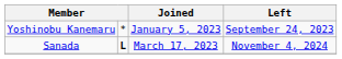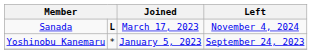 <table class="wikitable sortable" style="text-align:center;">
 <tr>
 <th colspan="2">Member</th>
 <th>Joined</th>
 <th>Left</th>
+</tr>
+<tr>
+<td><a href='#'>Sanada</a></td>
+<td><strong>L</strong></td>
+<td><a href='#'>March 17, 2023</a></td>
+<td><a href='#'>November 4, 2024</a></td>
 </tr>
 <tr>
 <td><a href='#'>Yoshinobu Kanemaru</a></td>
 <td>*</td>
 <td><a href='#'>January 5, 2023</a></td>
 <td><a href='#'>September 24, 2023</a></td>
 </tr>
 <tr>
-<td><a href='#'>Sanada</a></td>
-<td><strong>L</strong></td>
-<td><a href='#'>March 17, 2023</a></td>
-<td><a href='#'>November 4, 2024</a></td>
-</tr>
-<tr>
 </tr>
 </table>
